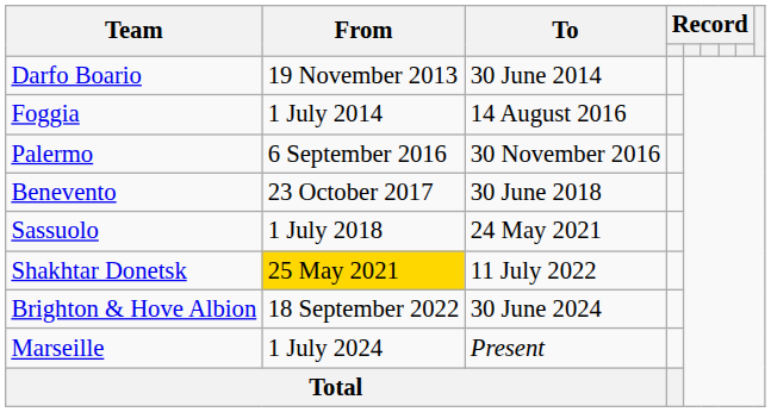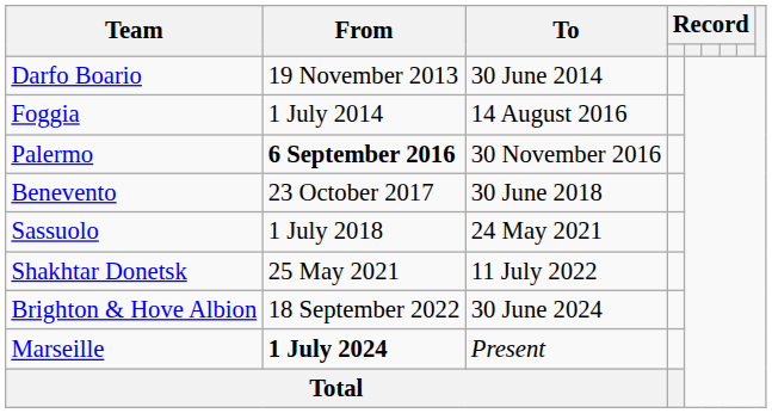 <table class="wikitable" style="text-align: center;">
 <tr>
 <th rowspan="2">Team</th>
 <th rowspan="2">From</th>
 <th rowspan="2">To</th>
 <th colspan="5">Record</th>
 <th rowspan="2"></th>
 </tr>
 <tr>
 <th></th>
 <th></th>
 <th></th>
 <th></th>
 <th></th>
 </tr>
 <tr>
 <td align="left"><a href='#'>Darfo Boario</a></td>
 <td align="left">19 November 2013</td>
 <td align="left">30 June 2014<br></td>
 <td></td>
 </tr>
 <tr>
 <td align="left"><a href='#'>Foggia</a></td>
 <td align="left">1 July 2014</td>
 <td align="left">14 August 2016<br></td>
 <td></td>
 </tr>
 <tr>
 <td align="left"><a href='#'>Palermo</a></td>
-<td align="left">6 September 2016</td>
+<td align="left"><strong>6 September 2016</strong></td>
 <td align="left">30 November 2016<br></td>
 <td></td>
 </tr>
 <tr>
 <td align=left><a href='#'>Benevento</a></td>
 <td align=left>23 October 2017</td>
 <td align=left>30 June 2018<br></td>
 <td></td>
 </tr>
 <tr>
 <td align=left><a href='#'>Sassuolo</a></td>
 <td align=left>1 July 2018</td>
 <td align=left>24 May 2021<br></td>
 <td></td>
 </tr>
 <tr>
 <td align=left><a href='#'>Shakhtar Donetsk</a></td>
-<td align=left style="background: gold;">25 May 2021</td>
+<td align=left>25 May 2021</td>
 <td align=left>11 July 2022<br></td>
 <td></td>
 </tr>
 <tr>
 <td align=left><a href='#'>Brighton & Hove Albion</a></td>
 <td align=left>18 September 2022</td>
 <td align=left>30 June 2024<br></td>
 <td></td>
 </tr>
 <tr>
 <td align=left><a href='#'>Marseille</a></td>
-<td align=left>1 July 2024</td>
+<td align=left><strong>1 July 2024</strong></td>
 <td align=left><em>Present</em><br></td>
 <td></td>
 </tr>
 <tr>
 <th colspan="3">Total<br></th>
 <th></th>
 </tr>
 </table>
